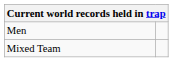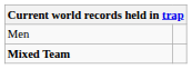 <table class="wikitable" style="font-size: 95%">
 <tr>
 <th colspan=7>Current world records held in <a href='#'>trap</a></th>
 </tr>
 <tr>
 <td rowspan=2>Men<br></td>
 </tr>
 <tr>
 </tr>
 <tr>
-<td>Mixed Team</td>
+<td><strong>Mixed Team</strong></td>
 <td></td>
 </tr>
 </table>
